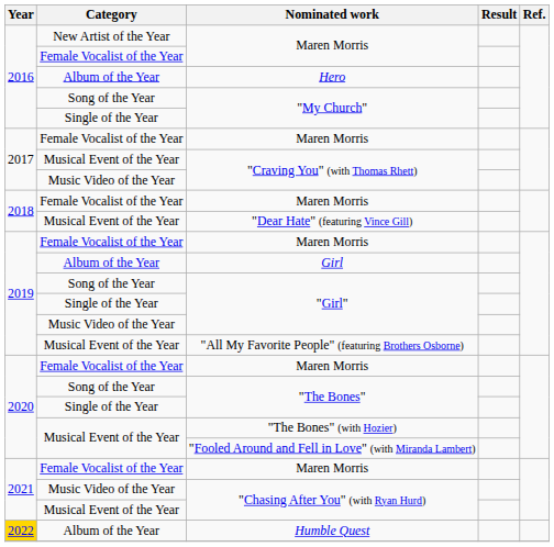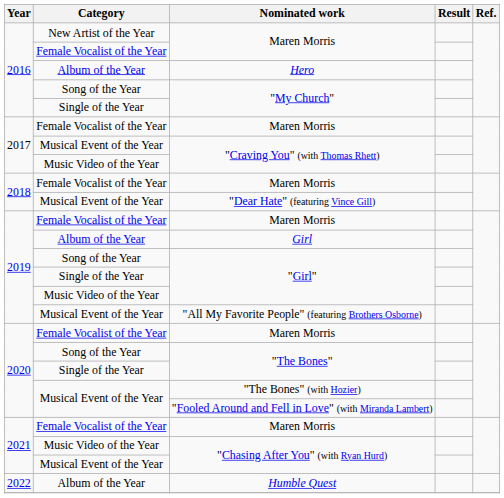 <table class="wikitable" style="text-align:center;">
 <tr>
 <th>Year</th>
 <th>Category</th>
 <th>Nominated work</th>
 <th>Result</th>
 <th>Ref.</th>
 </tr>
 <tr>
 <td rowspan="5"><a href='#'>2016</a></td>
 <td>New Artist of the Year</td>
 <td rowspan="2">Maren Morris</td>
 <td></td>
 <td rowspan="5"></td>
 </tr>
 <tr>
 <td><a href='#'>Female Vocalist of the Year</a></td>
 <td></td>
 </tr>
 <tr>
 <td><a href='#'>Album of the Year</a></td>
 <td><em><a href='#'>Hero</a></em></td>
 <td></td>
 </tr>
 <tr>
 <td>Song of the Year</td>
 <td rowspan="2">"<a href='#'>My Church</a>"</td>
 <td></td>
 </tr>
 <tr>
 <td>Single of the Year</td>
 <td></td>
 </tr>
 <tr>
 <td rowspan="3">2017</td>
 <td>Female Vocalist of the Year</td>
 <td>Maren Morris</td>
 <td></td>
 <td rowspan="3"></td>
 </tr>
 <tr>
 <td>Musical Event of the Year</td>
 <td rowspan="2">"<a href='#'>Craving You</a>" <small>(with <a href='#'>Thomas Rhett</a>)</small></td>
 <td></td>
 </tr>
 <tr>
 <td>Music Video of the Year</td>
 <td></td>
 </tr>
 <tr>
 <td rowspan="2"><a href='#'>2018</a></td>
 <td>Female Vocalist of the Year</td>
 <td rowspan="1">Maren Morris</td>
 <td></td>
 <td rowspan="2"></td>
 </tr>
 <tr>
 <td>Musical Event of the Year</td>
 <td>"<a href='#'>Dear Hate</a>" <small>(featuring <a href='#'>Vince Gill</a>)</small></td>
 <td></td>
 </tr>
 <tr>
 <td rowspan="6"><a href='#'>2019</a></td>
 <td><a href='#'>Female Vocalist of the Year</a></td>
 <td rowspan="1">Maren Morris</td>
 <td></td>
 <td rowspan="6"></td>
 </tr>
 <tr>
 <td><a href='#'>Album of the Year</a></td>
 <td><em><a href='#'>Girl</a></em></td>
 <td></td>
 </tr>
 <tr>
 <td>Song of the Year</td>
 <td rowspan="3">"<a href='#'>Girl</a>"</td>
 <td></td>
 </tr>
 <tr>
 <td>Single of the Year</td>
 <td></td>
 </tr>
 <tr>
 <td>Music Video of the Year</td>
 <td></td>
 </tr>
 <tr>
 <td>Musical Event of the Year</td>
 <td>"All My Favorite People" <small>(featuring <a href='#'>Brothers Osborne</a>)</small></td>
 <td></td>
 </tr>
 <tr>
 <td rowspan="5"><a href='#'>2020</a></td>
 <td><a href='#'>Female Vocalist of the Year</a></td>
 <td rowspan="1">Maren Morris</td>
 <td></td>
 <td rowspan="5"></td>
 </tr>
 <tr>
 <td>Song of the Year</td>
 <td rowspan="2">"<a href='#'>The Bones</a>"</td>
 <td></td>
 </tr>
 <tr>
 <td>Single of the Year</td>
 <td></td>
 </tr>
 <tr>
 <td rowspan="2">Musical Event of the Year</td>
 <td>"The Bones" <small>(with <a href='#'>Hozier</a>)</small></td>
 <td></td>
 </tr>
 <tr>
 <td>"<a href='#'>Fooled Around and Fell in Love</a>" <small>(with <a href='#'>Miranda Lambert</a>)</small></td>
 <td></td>
 </tr>
 <tr>
 <td rowspan="3"><a href='#'>2021</a></td>
 <td><a href='#'>Female Vocalist of the Year</a></td>
 <td rowspan="1">Maren Morris</td>
 <td></td>
 <td rowspan="3"></td>
 </tr>
 <tr>
 <td>Music Video of the Year</td>
 <td rowspan="2">"<a href='#'>Chasing After You</a>" <small>(with <a href='#'>Ryan Hurd</a>)</small></td>
 <td></td>
 </tr>
 <tr>
 <td>Musical Event of the Year</td>
 <td></td>
 </tr>
 <tr>
-<td style="background: gold;"><a href='#'>2022</a></td>
+<td><a href='#'>2022</a></td>
 <td>Album of the Year</td>
 <td><em><a href='#'>Humble Quest</a></em></td>
 <td></td>
 <td></td>
 </tr>
 <tr>
 </tr>
 </table>
